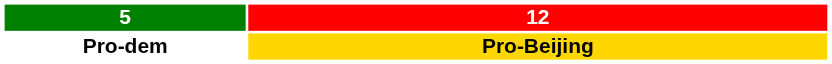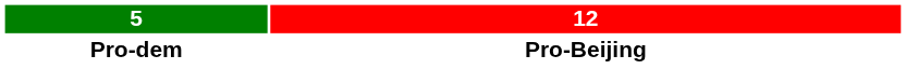 <table style="width:50%; text-align:center;">
 <tr style="color:white;">
 <td style="background:green; width:29.41%;"><strong>5</strong></td>
 <td style="background:red; width:70.59%;"><strong>12</strong></td>
 </tr>
 <tr>
 <td><span><strong>Pro-dem</strong></span></td>
-<td style="background: gold;"><span><strong>Pro-Beijing</strong></span></td>
+<td><span><strong>Pro-Beijing</strong></span></td>
 </tr>
 </table>
